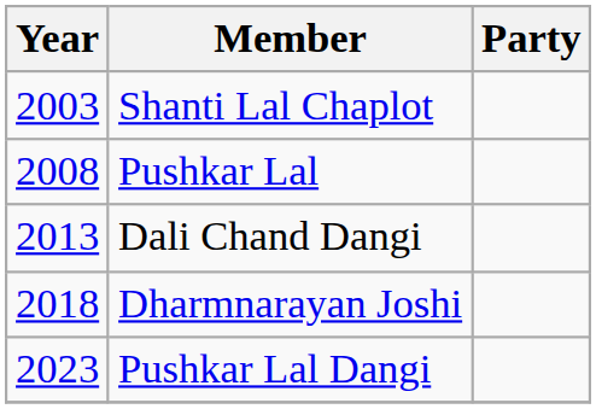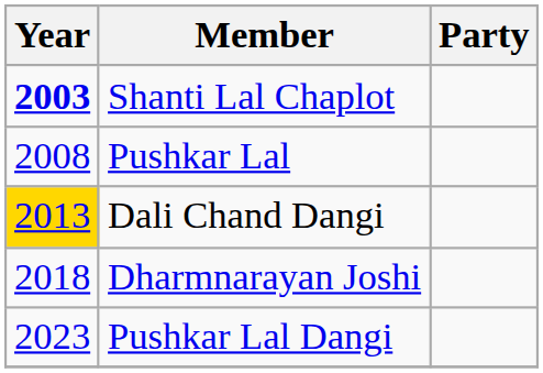 <table class="wikitable sortable">
 <tr>
 <th>Year</th>
 <th>Member</th>
 <th colspan="2">Party</th>
 </tr>
 <tr>
-<td><a href='#'>2003</a></td>
+<td><strong><a href='#'>2003</a></strong></td>
 <td><a href='#'>Shanti Lal Chaplot</a></td>
 <td></td>
 </tr>
 <tr>
 <td><a href='#'>2008</a></td>
 <td><a href='#'>Pushkar Lal</a></td>
 <td></td>
 </tr>
 <tr>
-<td><a href='#'>2013</a></td>
+<td style="background: gold;"><a href='#'>2013</a></td>
 <td>Dali Chand Dangi</td>
 <td></td>
 </tr>
 <tr>
 <td><a href='#'>2018</a></td>
 <td><a href='#'>Dharmnarayan Joshi</a></td>
 </tr>
 <tr>
 <td><a href='#'>2023</a></td>
 <td><a href='#'>Pushkar Lal Dangi</a></td>
 <td></td>
 </tr>
 <tr>
 </tr>
 </table>
